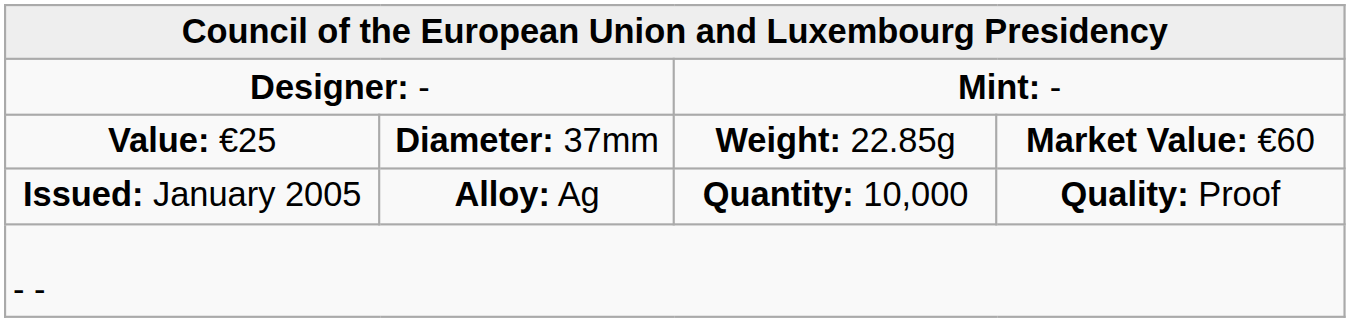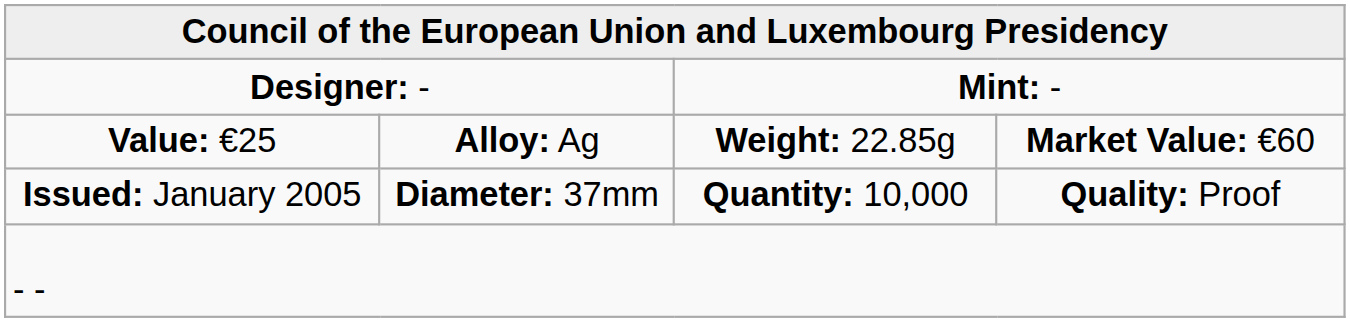 <table class="wikitable" width=100%>
 <tr>
 <th colspan="4" align=center style="background:#eeeeee;">Council of the European Union and Luxembourg Presidency</th>
 </tr>
 <tr>
 <td colspan="2" width="50%" align=center><strong>Designer:</strong>	-</td>
 <td colspan="2" width="50%" align=center><strong>Mint:</strong> -</td>
 </tr>
 <tr>
 <td align=center><strong>Value:</strong>	€25</td>
-<td align=center><strong>Diameter:</strong>	37mm</td>
+<td align=center><strong>Alloy:</strong>	Ag</td>
 <td align=center><strong>Weight:</strong>	22.85g</td>
 <td align=center><strong>Market Value:</strong>	€60</td>
 </tr>
 <tr>
 <td align=center><strong>Issued:</strong>	January 2005</td>
-<td align=center><strong>Alloy:</strong>	Ag</td>
+<td align=center><strong>Diameter:</strong>	37mm</td>
 <td align=center><strong>Quantity:</strong>	10,000</td>
 <td align=center><strong>Quality:</strong>	Proof</td>
 </tr>
 <tr>
 <td colspan="5" align=left><br>-	 -</td>
 </tr>
 </table>
